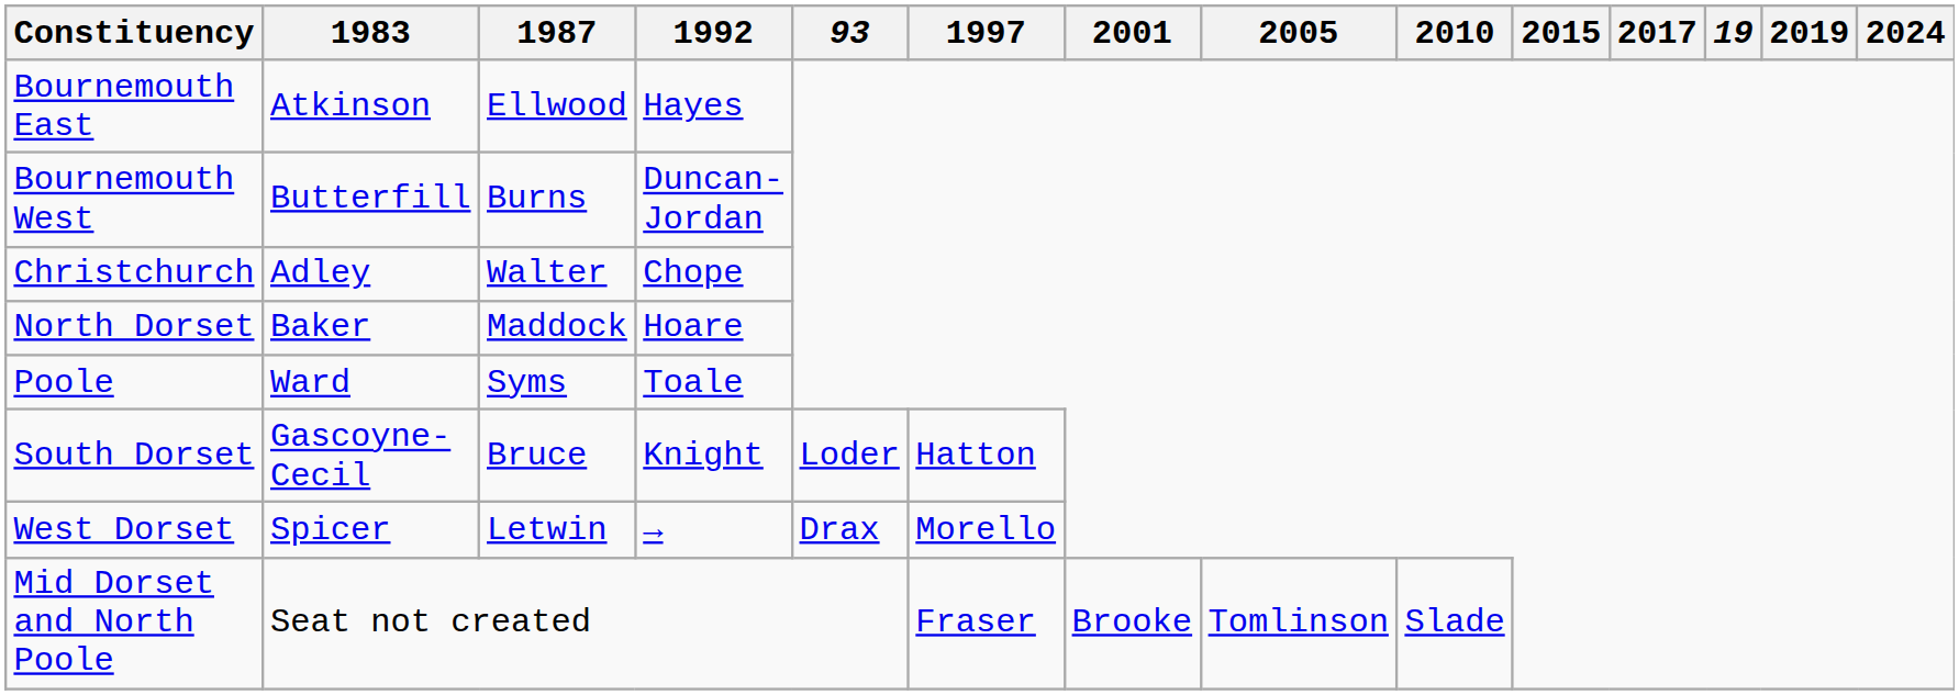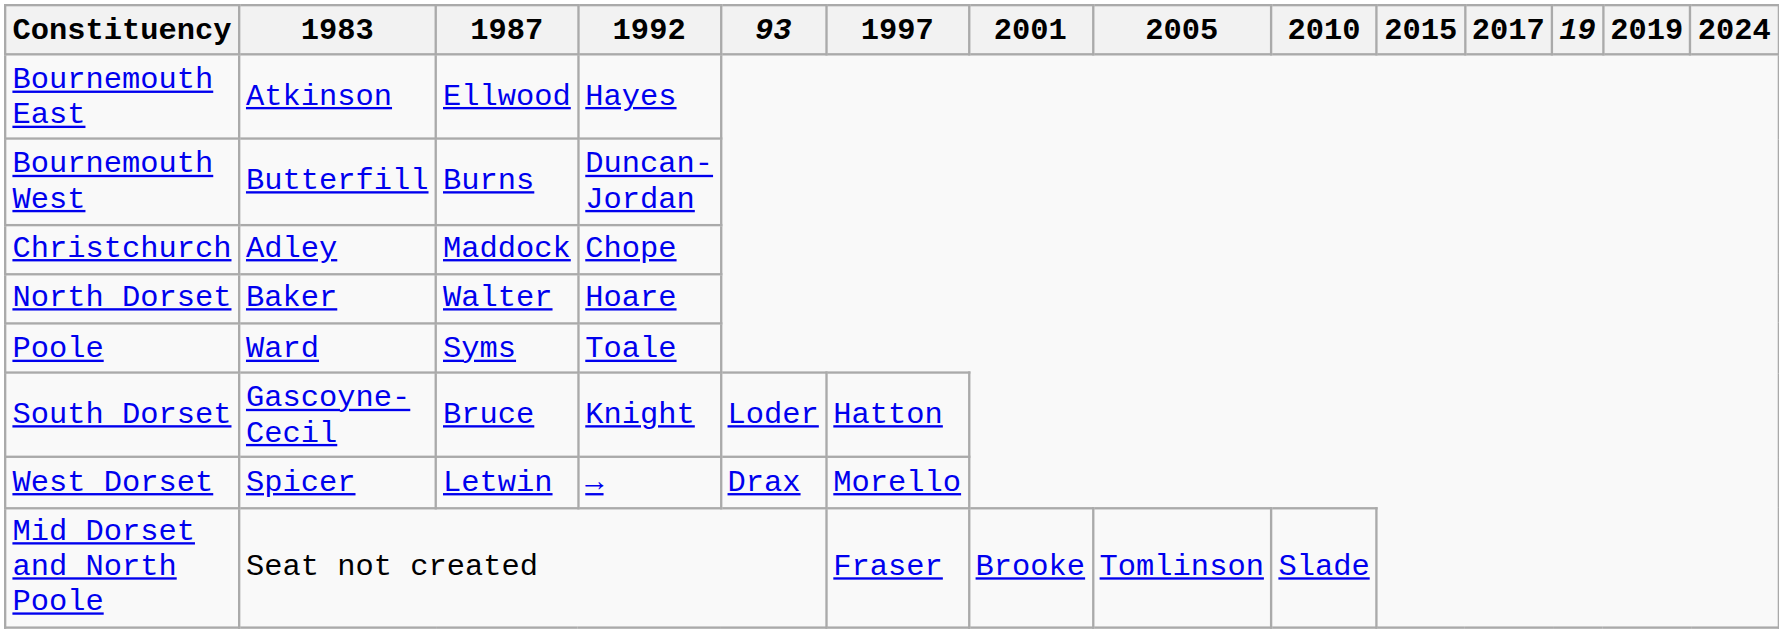 <table class="wikitable">
 <tr>
 <th>Constituency</th>
 <th>1983</th>
 <th>1987</th>
 <th>1992</th>
 <th><em>93</em></th>
 <th>1997</th>
 <th>2001</th>
 <th>2005</th>
 <th>2010</th>
 <th>2015</th>
 <th>2017</th>
 <th><em>19</em></th>
 <th>2019</th>
 <th>2024</th>
 </tr>
 <tr>
 <td><a href='#'>Bournemouth East</a></td>
 <td><a href='#'>Atkinson</a></td>
 <td><a href='#'>Ellwood</a></td>
 <td><a href='#'>Hayes</a></td>
 </tr>
 <tr>
 <td><a href='#'>Bournemouth West</a></td>
 <td><a href='#'>Butterfill</a></td>
 <td><a href='#'>Burns</a></td>
 <td><a href='#'>Duncan-Jordan</a></td>
 </tr>
 <tr>
 <td><a href='#'>Christchurch</a></td>
 <td><a href='#'>Adley</a></td>
-<td><a href='#'>Walter</a></td>
+<td><a href='#'>Maddock</a></td>
 <td><a href='#'>Chope</a></td>
 </tr>
 <tr>
 <td><a href='#'>North Dorset</a></td>
 <td><a href='#'>Baker</a></td>
-<td><a href='#'>Maddock</a></td>
+<td><a href='#'>Walter</a></td>
 <td><a href='#'>Hoare</a></td>
 </tr>
 <tr>
 <td><a href='#'>Poole</a></td>
 <td><a href='#'>Ward</a></td>
 <td><a href='#'>Syms</a></td>
 <td><a href='#'>Toale</a></td>
 </tr>
 <tr>
 <td><a href='#'>South Dorset</a></td>
 <td><a href='#'>Gascoyne-Cecil</a></td>
 <td><a href='#'>Bruce</a></td>
 <td><a href='#'>Knight</a></td>
 <td><a href='#'>Loder</a></td>
 <td><a href='#'>Hatton</a></td>
 </tr>
 <tr>
 <td><a href='#'>West Dorset</a></td>
 <td><a href='#'>Spicer</a></td>
 <td><a href='#'>Letwin</a></td>
 <td><a href='#'>→</a></td>
 <td><a href='#'>Drax</a></td>
 <td><a href='#'>Morello</a></td>
 </tr>
 <tr>
 <td><a href='#'>Mid Dorset and North Poole</a></td>
 <td colspan="4">Seat not created</td>
 <td><a href='#'>Fraser</a></td>
 <td><a href='#'>Brooke</a></td>
 <td><a href='#'>Tomlinson</a></td>
 <td><a href='#'>Slade</a></td>
 </tr>
 </table>
